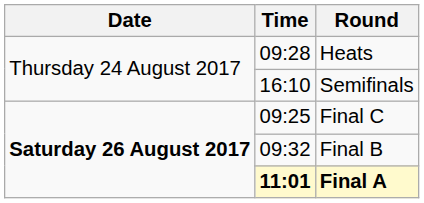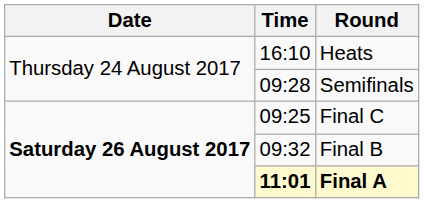 <table class="wikitable">
 <tr>
 <th>Date</th>
 <th>Time</th>
 <th>Round</th>
 </tr>
 <tr>
 <td rowspan=2>Thursday 24 August 2017</td>
-<td>09:28</td>
+<td>16:10</td>
 <td>Heats</td>
 </tr>
 <tr>
-<td>16:10</td>
+<td>09:28</td>
 <td>Semifinals</td>
 </tr>
 <tr>
 <td rowspan=3><strong>Saturday 26 August 2017</strong></td>
 <td>09:25</td>
 <td>Final C</td>
 </tr>
 <tr>
 <td>09:32</td>
 <td>Final B</td>
 </tr>
 <tr>
 <td style=background:lemonchiffon><strong>11:01</strong></td>
 <td style=background:lemonchiffon><strong>Final A</strong></td>
 </tr>
 </table>
